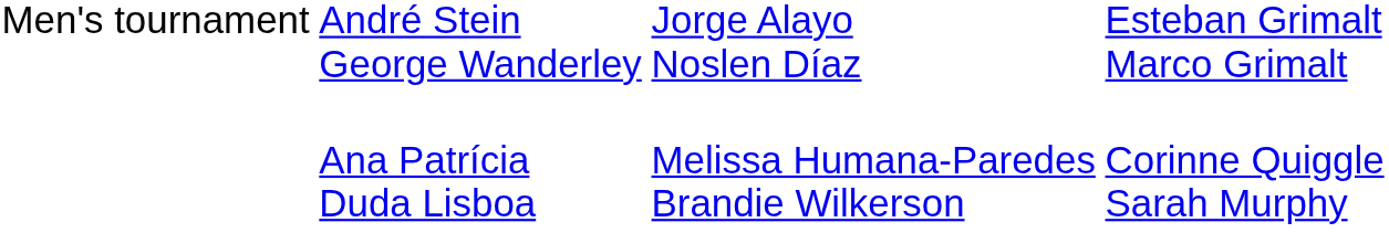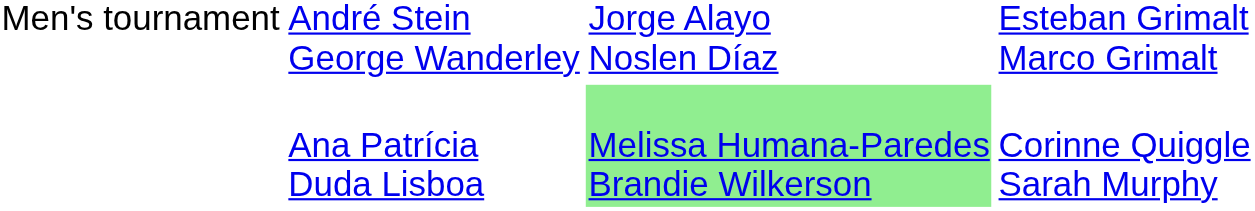 <table>
 <tr>
 <td>Men's tournament <br></td>
 <td><br><a href='#'>André Stein</a><br><a href='#'>George Wanderley</a></td>
 <td><br><a href='#'>Jorge Alayo</a><br><a href='#'>Noslen Díaz</a></td>
 <td><br><a href='#'>Esteban Grimalt</a><br><a href='#'>Marco Grimalt</a></td>
 </tr>
 <tr>
 <td><br></td>
 <td><br><a href='#'>Ana Patrícia</a><br><a href='#'>Duda Lisboa</a></td>
-<td><br><a href='#'>Melissa Humana-Paredes</a><br><a href='#'>Brandie Wilkerson</a></td>
+<td style="background: lightgreen;"><br><a href='#'>Melissa Humana-Paredes</a><br><a href='#'>Brandie Wilkerson</a></td>
 <td><br><a href='#'>Corinne Quiggle</a><br><a href='#'>Sarah Murphy</a></td>
 </tr>
 </table>
